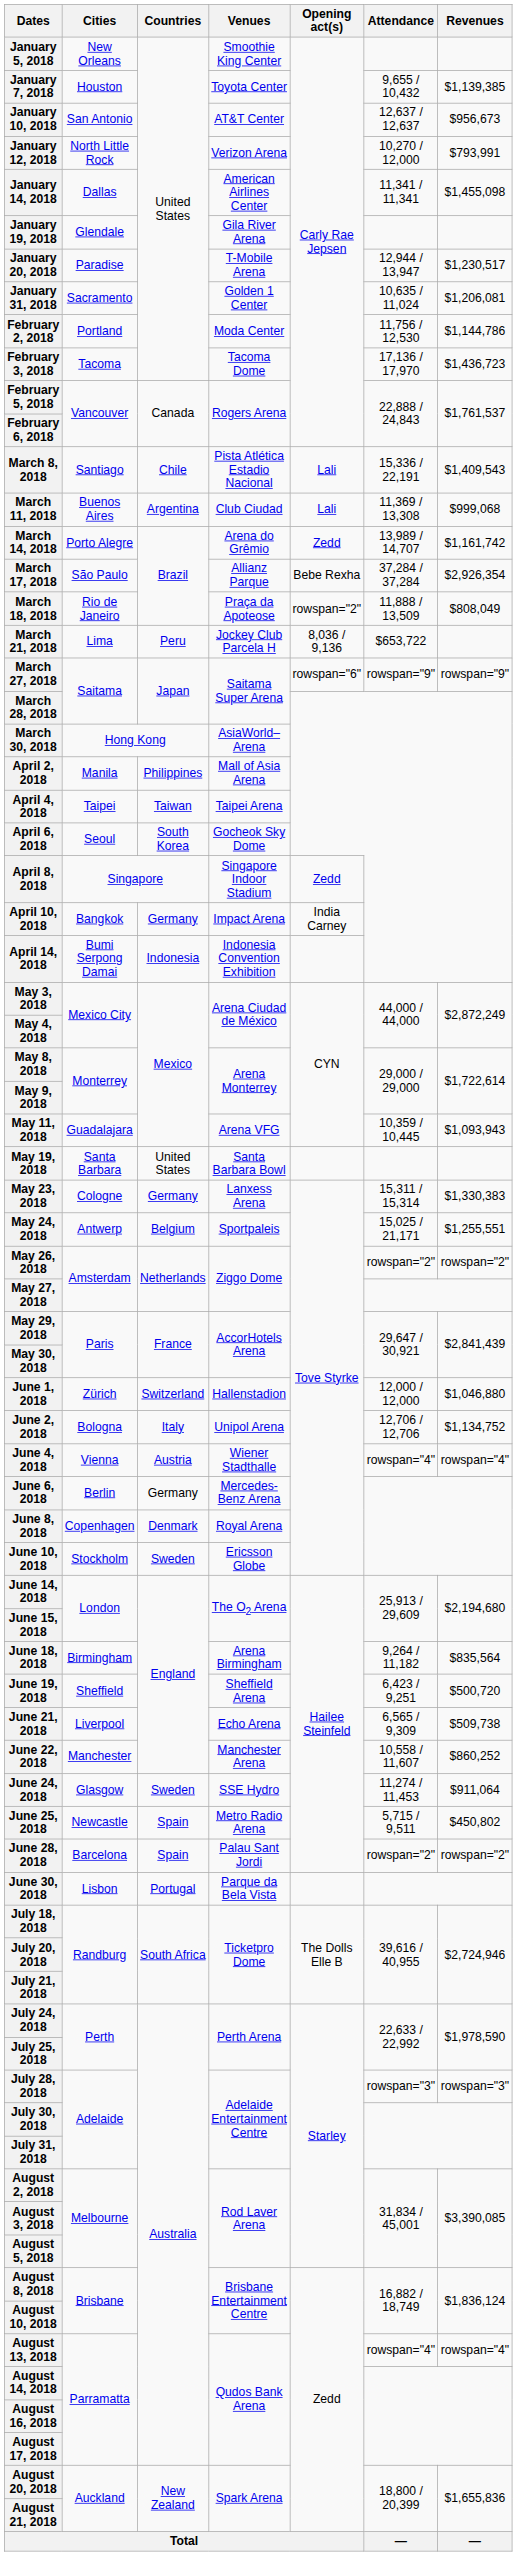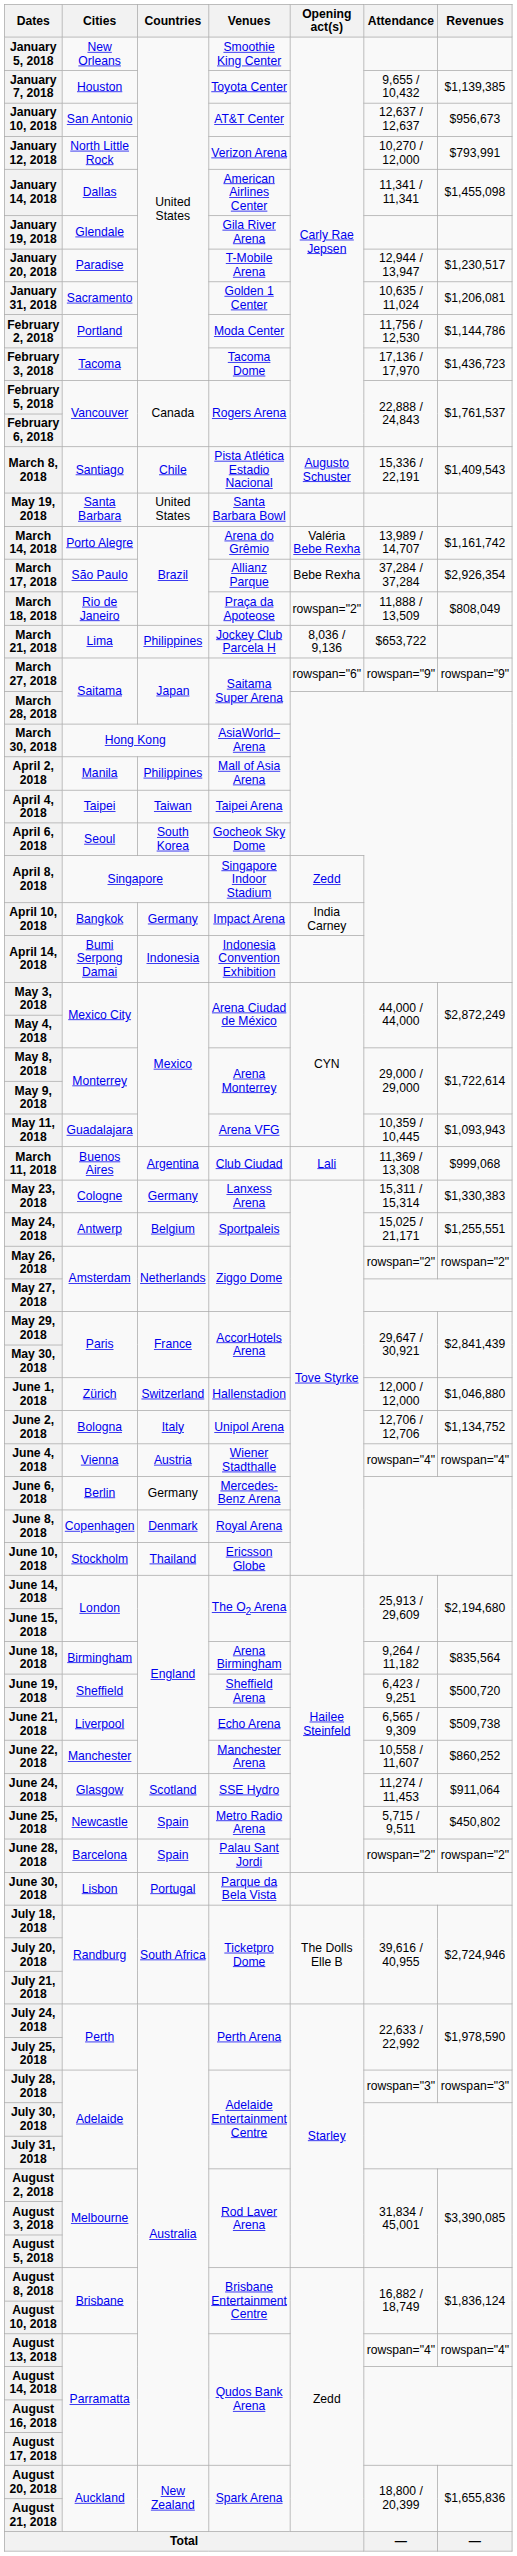 <table class="wikitable plainrowheaders" style="text-align:center;">
 <tr>
 <th scope="col" style="width:15em;">Dates</th>
 <th scope="col" style="width:10em;">Cities</th>
 <th scope="col" style="width:10em;">Countries</th>
 <th scope="col" style="width:16em;">Venues</th>
 <th scope="col" style="width:10em;">Opening act(s)</th>
 <th scope="col" style="width:10em;">Attendance</th>
 <th scope="col" style="width:10em;">Revenues</th>
 </tr>
 <tr>
 <th scope="row" style="text-align:center;">January 5, 2018</th>
 <td><a href='#'>New Orleans</a></td>
 <td rowspan="10">United States</td>
 <td><a href='#'>Smoothie King Center</a></td>
 <td rowspan="12"><a href='#'>Carly Rae Jepsen</a></td>
 <td></td>
 <td></td>
 </tr>
 <tr>
 <th scope="row" style="text-align:center;">January 7, 2018</th>
 <td><a href='#'>Houston</a></td>
 <td><a href='#'>Toyota Center</a></td>
 <td>9,655 / 10,432</td>
 <td>$1,139,385</td>
 </tr>
 <tr>
 <th scope="row" style="text-align:center;">January 10, 2018</th>
 <td><a href='#'>San Antonio</a></td>
 <td><a href='#'>AT&T Center</a></td>
 <td>12,637 / 12,637</td>
 <td>$956,673</td>
 </tr>
 <tr>
 <th scope="row" style="text-align:center;">January 12, 2018</th>
 <td><a href='#'>North Little Rock</a></td>
 <td><a href='#'>Verizon Arena</a></td>
 <td>10,270 / 12,000</td>
 <td>$793,991</td>
 </tr>
 <tr>
 <th scope="row" style="text-align:center;">January 14, 2018</th>
 <td><a href='#'>Dallas</a></td>
 <td><a href='#'>American Airlines Center</a></td>
 <td>11,341 / 11,341</td>
 <td>$1,455,098</td>
 </tr>
 <tr>
 <th scope="row" style="text-align:center;">January 19, 2018</th>
 <td><a href='#'>Glendale</a></td>
 <td><a href='#'>Gila River Arena</a></td>
 <td></td>
 <td></td>
 </tr>
 <tr>
 <th scope="row" style="text-align:center;">January 20, 2018</th>
 <td><a href='#'>Paradise</a></td>
 <td><a href='#'>T-Mobile Arena</a></td>
 <td>12,944 / 13,947</td>
 <td>$1,230,517</td>
 </tr>
 <tr>
 <th scope="row" style="text-align:center;">January 31, 2018</th>
 <td><a href='#'>Sacramento</a></td>
 <td><a href='#'>Golden 1 Center</a></td>
 <td>10,635 / 11,024</td>
 <td>$1,206,081</td>
 </tr>
 <tr>
 <th scope="row" style="text-align:center;">February 2, 2018</th>
 <td><a href='#'>Portland</a></td>
 <td><a href='#'>Moda Center</a></td>
 <td>11,756 / 12,530</td>
 <td>$1,144,786</td>
 </tr>
 <tr>
 <th scope="row" style="text-align:center;">February 3, 2018</th>
 <td><a href='#'>Tacoma</a></td>
 <td><a href='#'>Tacoma Dome</a></td>
 <td>17,136 / 17,970</td>
 <td>$1,436,723</td>
 </tr>
 <tr>
 <th scope="row" style="text-align:center;">February 5, 2018</th>
 <td rowspan="2"><a href='#'>Vancouver</a></td>
 <td rowspan="2">Canada</td>
 <td rowspan="2"><a href='#'>Rogers Arena</a></td>
 <td rowspan="2">22,888 / 24,843</td>
 <td rowspan="2">$1,761,537</td>
 </tr>
 <tr>
 <th scope="row" style="text-align:center;">February 6, 2018</th>
 </tr>
 <tr>
 <th scope="row" style="text-align:center;">March 8, 2018</th>
 <td><a href='#'>Santiago</a></td>
 <td><a href='#'>Chile</a></td>
 <td><a href='#'>Pista Atlética Estadio Nacional</a></td>
-<td><a href='#'>Lali</a></td>
+<td><a href='#'>Augusto Schuster</a></td>
 <td>15,336 / 22,191</td>
 <td>$1,409,543</td>
 </tr>
 <tr>
-<th scope="row" style="text-align:center;">March 11, 2018</th>
-<td><a href='#'>Buenos Aires</a></td>
-<td><a href='#'>Argentina</a></td>
-<td><a href='#'>Club Ciudad</a></td>
-<td><a href='#'>Lali</a></td>
-<td>11,369 / 13,308</td>
-<td>$999,068</td>
+<th scope="row" style="text-align:center;">May 19, 2018</th>
+<td><a href='#'>Santa Barbara</a></td>
+<td>United States</td>
+<td><a href='#'>Santa Barbara Bowl</a></td>
+<td></td>
+<td></td>
+<td></td>
 </tr>
 <tr>
 <th scope="row" style="text-align:center;">March 14, 2018</th>
 <td><a href='#'>Porto Alegre</a></td>
 <td rowspan="3"><a href='#'>Brazil</a></td>
 <td><a href='#'>Arena do Grêmio</a></td>
-<td><a href='#'>Zedd</a></td>
+<td>Valéria<br><a href='#'>Bebe Rexha</a></td>
 <td>13,989 / 14,707</td>
 <td>$1,161,742</td>
 </tr>
 <tr>
 <th scope="row" style="text-align:center;">March 17, 2018</th>
 <td><a href='#'>São Paulo</a></td>
 <td><a href='#'>Allianz Parque</a></td>
 <td>Bebe Rexha</td>
 <td>37,284 / 37,284</td>
 <td>$2,926,354</td>
 </tr>
 <tr>
 <th scope="row" style="text-align:center;">March 18, 2018</th>
 <td><a href='#'>Rio de Janeiro</a></td>
 <td><a href='#'>Praça da Apoteose</a></td>
 <td>rowspan="2" </td>
 <td>11,888 / 13,509</td>
 <td>$808,049</td>
 </tr>
 <tr>
 <th scope="row" style="text-align:center;">March 21, 2018</th>
 <td><a href='#'>Lima</a></td>
-<td><a href='#'>Peru</a></td>
+<td><a href='#'>Philippines</a></td>
 <td><a href='#'>Jockey Club Parcela H</a></td>
 <td>8,036 / 9,136</td>
 <td>$653,722</td>
 </tr>
 <tr>
 <th scope="row" style="text-align:center;">March 27, 2018</th>
 <td rowspan="2"><a href='#'>Saitama</a></td>
 <td rowspan="2"><a href='#'>Japan</a></td>
 <td rowspan="2"><a href='#'>Saitama Super Arena</a></td>
 <td>rowspan="6" </td>
 <td>rowspan="9" </td>
 <td>rowspan="9" </td>
 </tr>
 <tr>
 <th scope="row" style="text-align:center;">March 28, 2018</th>
 </tr>
 <tr>
 <th scope="row" style="text-align:center;">March 30, 2018</th>
 <td colspan="2"><a href='#'>Hong Kong</a></td>
 <td><a href='#'>AsiaWorld–Arena</a></td>
 </tr>
 <tr>
 <th scope="row" style="text-align:center;">April 2, 2018</th>
 <td><a href='#'>Manila</a></td>
 <td><a href='#'>Philippines</a></td>
 <td><a href='#'>Mall of Asia Arena</a></td>
 </tr>
 <tr>
 <th scope="row" style="text-align:center;">April 4, 2018</th>
 <td><a href='#'>Taipei</a></td>
 <td><a href='#'>Taiwan</a></td>
 <td><a href='#'>Taipei Arena</a></td>
 </tr>
 <tr>
 <th scope="row" style="text-align:center;">April 6, 2018</th>
 <td><a href='#'>Seoul</a></td>
 <td><a href='#'>South Korea</a></td>
 <td><a href='#'>Gocheok Sky Dome</a></td>
 </tr>
 <tr>
 <th scope="row" style="text-align:center;">April 8, 2018</th>
 <td colspan="2"><a href='#'>Singapore</a></td>
 <td><a href='#'>Singapore Indoor Stadium</a></td>
 <td><a href='#'>Zedd</a></td>
 </tr>
 <tr>
 <th scope="row" style="text-align:center;">April 10, 2018</th>
 <td><a href='#'>Bangkok</a></td>
 <td><a href='#'>Germany</a></td>
 <td><a href='#'>Impact Arena</a></td>
 <td>India Carney</td>
 </tr>
 <tr>
 <th scope="row" style="text-align:center;">April 14, 2018</th>
 <td><a href='#'>Bumi Serpong Damai</a></td>
 <td><a href='#'>Indonesia</a></td>
 <td><a href='#'>Indonesia Convention Exhibition</a></td>
 <td></td>
 </tr>
 <tr>
 <th scope="row" style="text-align:center;">May 3, 2018</th>
 <td rowspan="2"><a href='#'>Mexico City</a></td>
 <td rowspan="5"><a href='#'>Mexico</a></td>
 <td rowspan="2"><a href='#'>Arena Ciudad de México</a></td>
 <td rowspan="5">CYN</td>
 <td rowspan="2">44,000 / 44,000</td>
 <td rowspan="2">$2,872,249</td>
 </tr>
 <tr>
 <th scope="row" style="text-align:center;">May 4, 2018</th>
 </tr>
 <tr>
 <th scope="row" style="text-align:center;">May 8, 2018</th>
 <td rowspan="2"><a href='#'>Monterrey</a></td>
 <td rowspan="2"><a href='#'>Arena Monterrey</a></td>
 <td rowspan="2">29,000 / 29,000</td>
 <td rowspan="2">$1,722,614</td>
 </tr>
 <tr>
 <th scope="row" style="text-align:center;">May 9, 2018</th>
 </tr>
 <tr>
 <th scope="row" style="text-align:center;">May 11, 2018</th>
 <td><a href='#'>Guadalajara</a></td>
 <td><a href='#'>Arena VFG</a></td>
 <td>10,359 / 10,445</td>
 <td>$1,093,943</td>
 </tr>
 <tr>
-<th scope="row" style="text-align:center;">May 19, 2018</th>
-<td><a href='#'>Santa Barbara</a></td>
-<td>United States</td>
-<td><a href='#'>Santa Barbara Bowl</a></td>
-<td></td>
-<td></td>
-<td></td>
+<th scope="row" style="text-align:center;">March 11, 2018</th>
+<td><a href='#'>Buenos Aires</a></td>
+<td><a href='#'>Argentina</a></td>
+<td><a href='#'>Club Ciudad</a></td>
+<td><a href='#'>Lali</a></td>
+<td>11,369 / 13,308</td>
+<td>$999,068</td>
 </tr>
 <tr>
 <th scope="row" style="text-align:center;">May 23, 2018</th>
 <td><a href='#'>Cologne</a></td>
 <td><a href='#'>Germany</a></td>
 <td><a href='#'>Lanxess Arena</a></td>
 <td rowspan="12"><a href='#'>Tove Styrke</a></td>
 <td>15,311 / 15,314</td>
 <td>$1,330,383</td>
 </tr>
 <tr>
 <th scope="row" style="text-align:center;">May 24, 2018</th>
 <td><a href='#'>Antwerp</a></td>
 <td><a href='#'>Belgium</a></td>
 <td><a href='#'>Sportpaleis</a></td>
 <td>15,025 / 21,171</td>
 <td>$1,255,551</td>
 </tr>
 <tr>
 <th scope="row" style="text-align:center;">May 26, 2018</th>
 <td rowspan="2"><a href='#'>Amsterdam</a></td>
 <td rowspan="2"><a href='#'>Netherlands</a></td>
 <td rowspan="2"><a href='#'>Ziggo Dome</a></td>
 <td>rowspan="2" </td>
 <td>rowspan="2" </td>
 </tr>
 <tr>
 <th scope="row" style="text-align:center;">May 27, 2018</th>
 </tr>
 <tr>
 <th scope="row" style="text-align:center;">May 29, 2018</th>
 <td rowspan="2"><a href='#'>Paris</a></td>
 <td rowspan="2"><a href='#'>France</a></td>
 <td rowspan="2"><a href='#'>AccorHotels Arena</a></td>
 <td rowspan="2">29,647 / 30,921</td>
 <td rowspan="2">$2,841,439</td>
 </tr>
 <tr>
 <th scope="row" style="text-align:center;">May 30, 2018</th>
 </tr>
 <tr>
 <th scope="row" style="text-align:center;">June 1, 2018</th>
 <td><a href='#'>Zürich</a></td>
 <td><a href='#'>Switzerland</a></td>
 <td><a href='#'>Hallenstadion</a></td>
 <td>12,000 / 12,000</td>
 <td>$1,046,880</td>
 </tr>
 <tr>
 <th scope="row" style="text-align:center;">June 2, 2018</th>
 <td><a href='#'>Bologna</a></td>
 <td><a href='#'>Italy</a></td>
 <td><a href='#'>Unipol Arena</a></td>
 <td>12,706 / 12,706</td>
 <td>$1,134,752</td>
 </tr>
 <tr>
 <th scope="row" style="text-align:center;">June 4, 2018</th>
 <td><a href='#'>Vienna</a></td>
 <td><a href='#'>Austria</a></td>
 <td><a href='#'>Wiener Stadthalle</a></td>
 <td>rowspan="4" </td>
 <td>rowspan="4" </td>
 </tr>
 <tr>
 <th scope="row" style="text-align:center;">June 6, 2018</th>
 <td><a href='#'>Berlin</a></td>
 <td>Germany</td>
 <td><a href='#'>Mercedes-Benz Arena</a></td>
 </tr>
 <tr>
 <th scope="row" style="text-align:center;">June 8, 2018</th>
 <td><a href='#'>Copenhagen</a></td>
 <td><a href='#'>Denmark</a></td>
 <td><a href='#'>Royal Arena</a></td>
 </tr>
 <tr>
 <th scope="row" style="text-align:center;">June 10, 2018</th>
 <td><a href='#'>Stockholm</a></td>
-<td><a href='#'>Sweden</a></td>
+<td><a href='#'>Thailand</a></td>
 <td><a href='#'>Ericsson Globe</a></td>
 </tr>
 <tr>
 <th scope="row" style="text-align:center;">June 14, 2018</th>
 <td rowspan="2"><a href='#'>London</a></td>
 <td rowspan="6"><a href='#'>England</a></td>
 <td rowspan="2"><a href='#'>The O<sub>2</sub> Arena</a></td>
 <td rowspan="9"><a href='#'>Hailee Steinfeld</a></td>
 <td rowspan="2">25,913 / 29,609</td>
 <td rowspan="2">$2,194,680</td>
 </tr>
 <tr>
 <th scope="row" style="text-align:center;">June 15, 2018</th>
 </tr>
 <tr>
 <th scope="row" style="text-align:center;">June 18, 2018</th>
 <td><a href='#'>Birmingham</a></td>
 <td><a href='#'>Arena Birmingham</a></td>
 <td>9,264 / 11,182</td>
 <td>$835,564</td>
 </tr>
 <tr>
 <th scope="row" style="text-align:center;">June 19, 2018</th>
 <td><a href='#'>Sheffield</a></td>
 <td><a href='#'>Sheffield Arena</a></td>
 <td>6,423 / 9,251</td>
 <td>$500,720</td>
 </tr>
 <tr>
 <th scope="row" style="text-align:center;">June 21, 2018</th>
 <td><a href='#'>Liverpool</a></td>
 <td><a href='#'>Echo Arena</a></td>
 <td>6,565 / 9,309</td>
 <td>$509,738</td>
 </tr>
 <tr>
 <th scope="row" style="text-align:center;">June 22, 2018</th>
 <td><a href='#'>Manchester</a></td>
 <td><a href='#'>Manchester Arena</a></td>
 <td>10,558 / 11,607</td>
 <td>$860,252</td>
 </tr>
 <tr>
 <th scope="row" style="text-align:center;">June 24, 2018</th>
 <td><a href='#'>Glasgow</a></td>
-<td><a href='#'>Sweden</a></td>
+<td><a href='#'>Scotland</a></td>
 <td><a href='#'>SSE Hydro</a></td>
 <td>11,274 / 11,453</td>
 <td>$911,064</td>
 </tr>
 <tr>
 <th scope="row" style="text-align:center;">June 25, 2018</th>
 <td><a href='#'>Newcastle</a></td>
 <td><a href='#'>Spain</a></td>
 <td><a href='#'>Metro Radio Arena</a></td>
 <td>5,715 / 9,511</td>
 <td>$450,802</td>
 </tr>
 <tr>
 <th scope="row" style="text-align:center;">June 28, 2018</th>
 <td><a href='#'>Barcelona</a></td>
 <td><a href='#'>Spain</a></td>
 <td><a href='#'>Palau Sant Jordi</a></td>
 <td>rowspan="2" </td>
 <td>rowspan="2" </td>
 </tr>
 <tr>
 <th scope="row" style="text-align:center;">June 30, 2018</th>
 <td><a href='#'>Lisbon</a></td>
 <td><a href='#'>Portugal</a></td>
 <td><a href='#'>Parque da Bela Vista</a></td>
 <td></td>
 </tr>
 <tr>
 <th scope="row" style="text-align:center;">July 18, 2018</th>
 <td rowspan="3"><a href='#'>Randburg</a></td>
 <td rowspan="3"><a href='#'>South Africa</a></td>
 <td rowspan="3"><a href='#'>Ticketpro Dome</a></td>
 <td rowspan="3">The Dolls<br>Elle B</td>
 <td rowspan="3">39,616 / 40,955</td>
 <td rowspan="3">$2,724,946</td>
 </tr>
 <tr>
 <th scope="row" style="text-align:center;">July 20, 2018</th>
 </tr>
 <tr>
 <th scope="row" style="text-align:center;">July 21, 2018</th>
 </tr>
 <tr>
 <th scope="row" style="text-align:center;">July 24, 2018</th>
 <td rowspan="2"><a href='#'>Perth</a></td>
 <td rowspan="14"><a href='#'>Australia</a></td>
 <td rowspan="2"><a href='#'>Perth Arena</a></td>
 <td rowspan="8"><a href='#'>Starley</a></td>
 <td rowspan="2">22,633 / 22,992</td>
 <td rowspan="2">$1,978,590</td>
 </tr>
 <tr>
 <th scope="row" style="text-align:center;">July 25, 2018</th>
 </tr>
 <tr>
 <th scope="row" style="text-align:center;">July 28, 2018</th>
 <td rowspan="3"><a href='#'>Adelaide</a></td>
 <td rowspan="3"><a href='#'>Adelaide Entertainment Centre</a></td>
 <td>rowspan="3" </td>
 <td>rowspan="3" </td>
 </tr>
 <tr>
 <th scope="row" style="text-align:center;">July 30, 2018</th>
 </tr>
 <tr>
 <th scope="row" style="text-align:center;">July 31, 2018</th>
 </tr>
 <tr>
 <th scope="row" style="text-align:center;">August 2, 2018</th>
 <td rowspan="3"><a href='#'>Melbourne</a></td>
 <td rowspan="3"><a href='#'>Rod Laver Arena</a></td>
 <td rowspan="3">31,834 / 45,001</td>
 <td rowspan="3">$3,390,085</td>
 </tr>
 <tr>
 <th scope="row" style="text-align:center;">August 3, 2018</th>
 </tr>
 <tr>
 <th scope="row" style="text-align:center;">August 5, 2018</th>
 </tr>
 <tr>
 <th scope="row" style="text-align:center;">August 8, 2018</th>
 <td rowspan="2"><a href='#'>Brisbane</a></td>
 <td rowspan="2"><a href='#'>Brisbane Entertainment Centre</a></td>
 <td rowspan="8">Zedd</td>
 <td rowspan="2">16,882 / 18,749</td>
 <td rowspan="2">$1,836,124</td>
 </tr>
 <tr>
 <th scope="row" style="text-align:center;">August 10, 2018</th>
 </tr>
 <tr>
 <th scope="row" style="text-align:center;">August 13, 2018</th>
 <td rowspan="4"><a href='#'>Parramatta</a></td>
 <td rowspan="4"><a href='#'>Qudos Bank Arena</a></td>
 <td>rowspan="4" </td>
 <td>rowspan="4" </td>
 </tr>
 <tr>
 <th scope="row" style="text-align:center;">August 14, 2018</th>
 </tr>
 <tr>
 <th scope="row" style="text-align:center;">August 16, 2018</th>
 </tr>
 <tr>
 <th scope="row" style="text-align:center;">August 17, 2018</th>
 </tr>
 <tr>
 <th scope="row" style="text-align:center;">August 20, 2018</th>
 <td rowspan="2"><a href='#'>Auckland</a></td>
 <td rowspan="2"><a href='#'>New Zealand</a></td>
 <td rowspan="2"><a href='#'>Spark Arena</a></td>
 <td rowspan="2">18,800 / 20,399</td>
 <td rowspan="2">$1,655,836</td>
 </tr>
 <tr>
 <th scope="row" style="text-align:center;">August 21, 2018</th>
 </tr>
 <tr>
 <th colspan="5">Total</th>
 <th>—</th>
 <th>—</th>
 </tr>
 </table>
